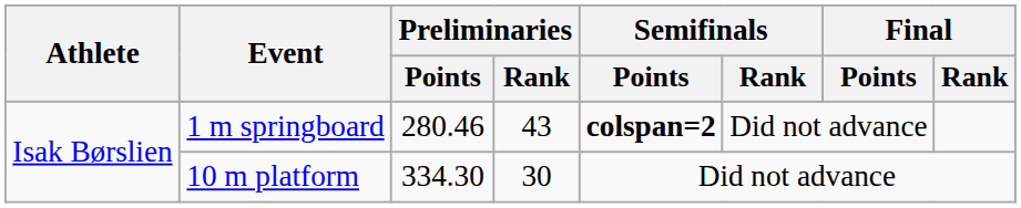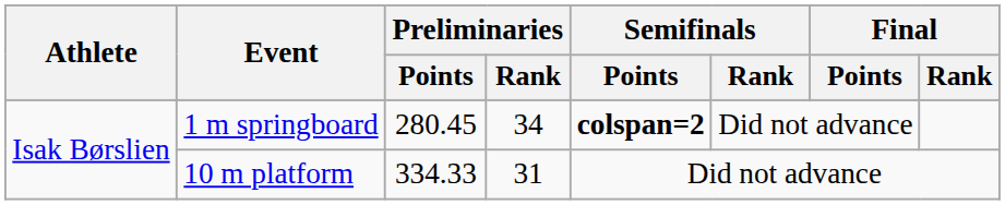 <table class="wikitable" style="text-align:center; font-size:90%;">
 <tr>
 <th rowspan=2>Athlete</th>
 <th rowspan=2>Event</th>
 <th colspan=2>Preliminaries</th>
 <th colspan=2>Semifinals</th>
 <th colspan=2>Final</th>
 </tr>
 <tr style="font-size:95%">
 <th>Points</th>
 <th>Rank</th>
 <th>Points</th>
 <th>Rank</th>
 <th>Points</th>
 <th>Rank</th>
 </tr>
 <tr>
 <td align=left rowspan=2><a href='#'>Isak Børslien</a></td>
 <td align=left><a href='#'>1 m springboard</a></td>
-<td>280.46</td>
-<td>43</td>
+<td>280.45</td>
+<td>34</td>
 <td><strong>colspan=2 </strong></td>
 <td colspan=2>Did not advance</td>
 </tr>
 <tr>
 <td align=left><a href='#'>10 m platform</a></td>
-<td>334.30</td>
-<td>30</td>
+<td>334.33</td>
+<td>31</td>
 <td colspan=4>Did not advance</td>
 </tr>
 </table>
